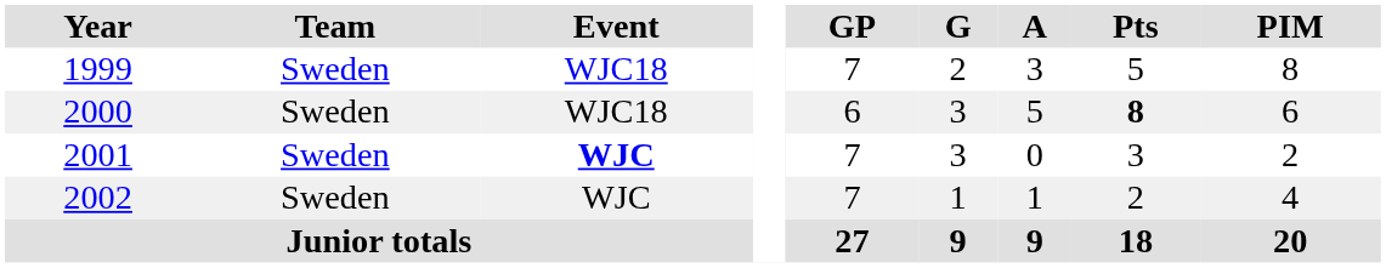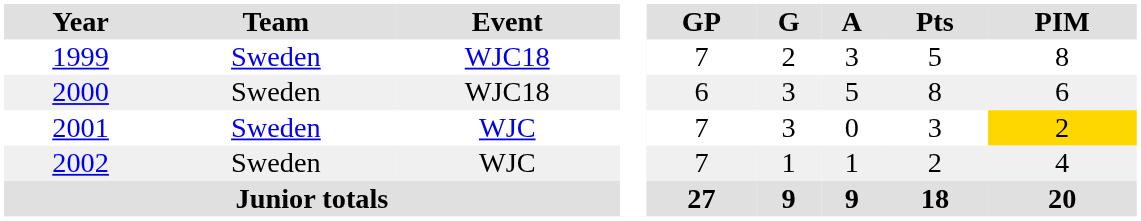 <table border="0" cellpadding="1" cellspacing="0" style="text-align:center; width:40em">
 <tr ALIGN="center" bgcolor="#e0e0e0">
 <th>Year</th>
 <th>Team</th>
 <th>Event</th>
 <th rowspan="99" bgcolor="#ffffff"> </th>
 <th>GP</th>
 <th>G</th>
 <th>A</th>
 <th>Pts</th>
 <th>PIM</th>
 </tr>
 <tr>
 <td><a href='#'>1999</a></td>
 <td><a href='#'>Sweden</a></td>
 <td><a href='#'>WJC18</a></td>
 <td>7</td>
 <td>2</td>
 <td>3</td>
 <td>5</td>
 <td>8</td>
 </tr>
 <tr bgcolor="#f0f0f0">
 <td><a href='#'>2000</a></td>
 <td>Sweden</td>
 <td>WJC18</td>
 <td>6</td>
 <td>3</td>
 <td>5</td>
-<td><strong>8</strong></td>
+<td>8</td>
 <td>6</td>
 </tr>
 <tr>
 <td><a href='#'>2001</a></td>
 <td><a href='#'>Sweden</a></td>
-<td><strong><a href='#'>WJC</a></strong></td>
+<td><a href='#'>WJC</a></td>
 <td>7</td>
 <td>3</td>
 <td>0</td>
 <td>3</td>
-<td>2</td>
+<td style="background: gold;">2</td>
 </tr>
 <tr bgcolor="#f0f0f0">
 <td><a href='#'>2002</a></td>
 <td>Sweden</td>
 <td>WJC</td>
 <td>7</td>
 <td>1</td>
 <td>1</td>
 <td>2</td>
 <td>4</td>
 </tr>
 <tr bgcolor="#e0e0e0">
 <th colspan=3>Junior totals</th>
 <th>27</th>
 <th>9</th>
 <th>9</th>
 <th>18</th>
 <th>20</th>
 </tr>
 </table>
